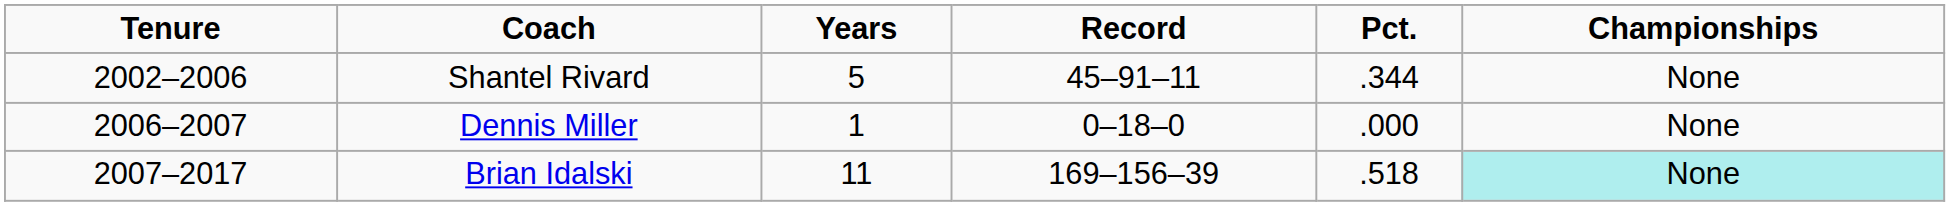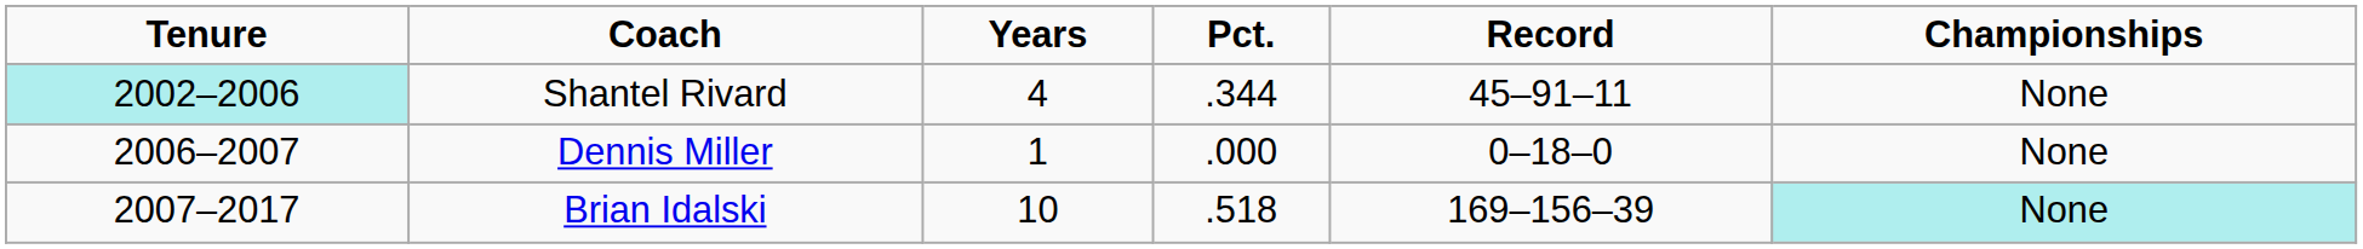 <table class="wikitable" style="width:80%; text-align:center">
 <tr>
 <td><strong>Tenure</strong></td>
 <td><strong>Coach</strong></td>
 <td><strong>Years</strong></td>
+<td><strong>Pct.</strong></td>
 <td><strong>Record</strong></td>
-<td><strong>Pct.</strong></td>
 <td><strong>Championships</strong></td>
 </tr>
 <tr>
-<td>2002–2006</td>
+<td style="background: paleturquoise;">2002–2006</td>
 <td>Shantel Rivard</td>
-<td>5</td>
+<td>4</td>
+<td>.344</td>
 <td>45–91–11</td>
-<td>.344</td>
 <td>None</td>
 </tr>
 <tr>
 <td>2006–2007</td>
 <td><a href='#'>Dennis Miller</a></td>
 <td>1</td>
+<td>.000</td>
 <td>0–18–0</td>
-<td>.000</td>
 <td>None</td>
 </tr>
 <tr>
 <td>2007–2017</td>
 <td><a href='#'>Brian Idalski</a></td>
-<td>11</td>
+<td>10</td>
+<td>.518</td>
 <td>169–156–39</td>
-<td>.518</td>
 <td style="background: paleturquoise;">None</td>
 </tr>
 </table>
